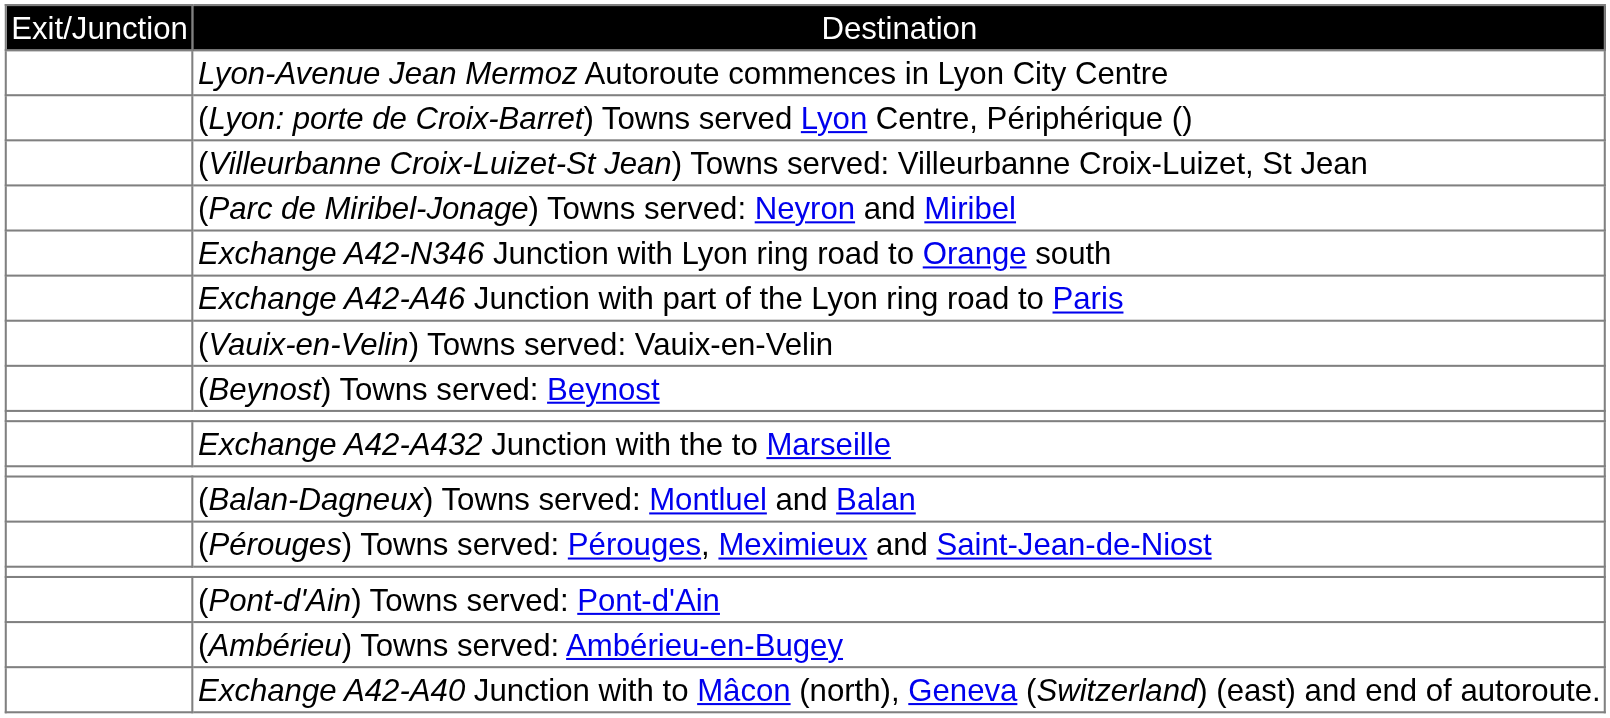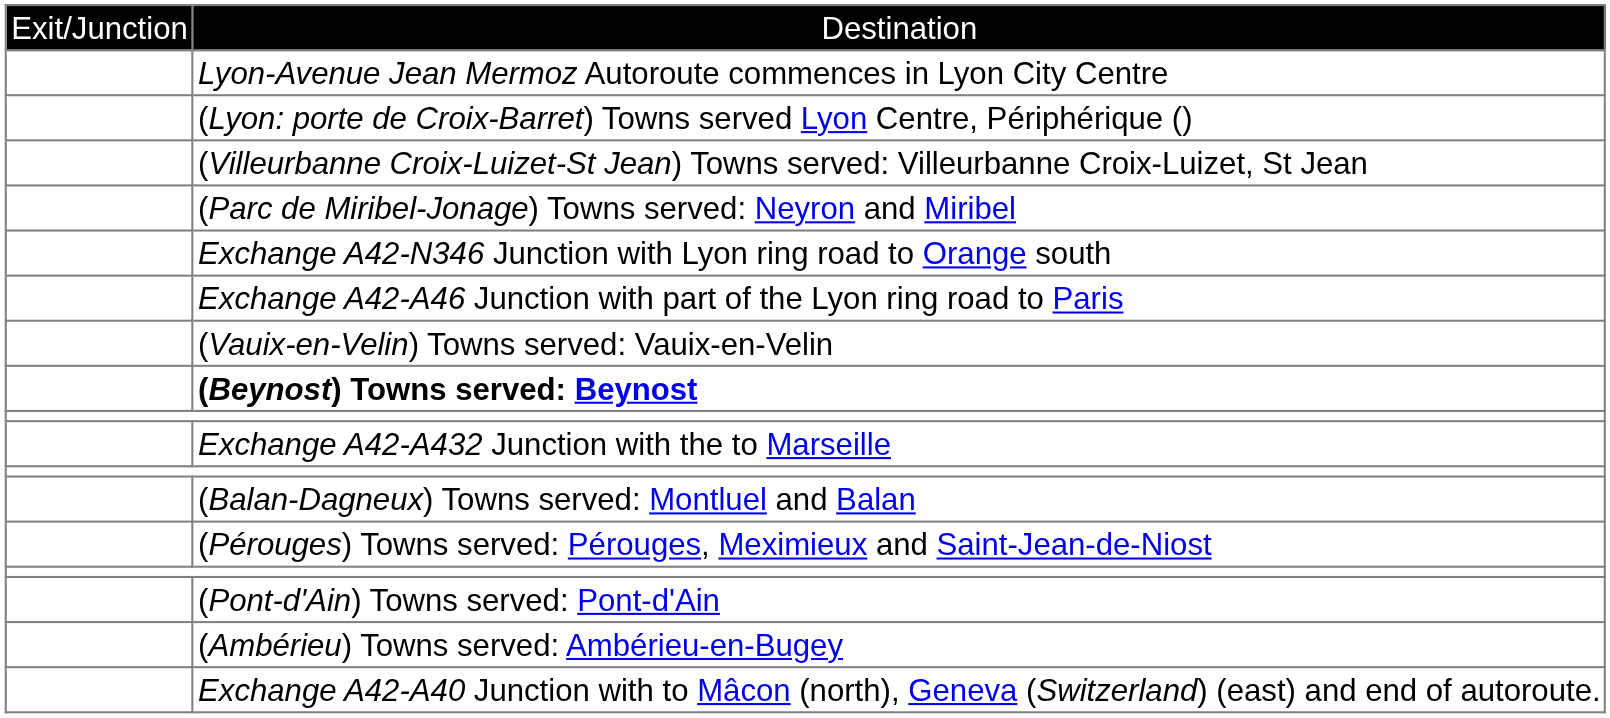 <table border=1 cellpadding=2 style="margin-left:1em; margin-bottom: 1em; color: black; border-collapse: collapse; font-size: 95%;">
 <tr align="center" bgcolor="000000" style="color: white">
 <td>Exit/Junction</td>
 <td>Destination</td>
 </tr>
 <tr>
 <td> </td>
 <td><em>Lyon-Avenue Jean Mermoz</em> Autoroute commences in Lyon City Centre</td>
 </tr>
 <tr>
 <td></td>
 <td>(<em>Lyon: porte de Croix-Barret</em>) Towns served <a href='#'>Lyon</a> Centre, Périphérique (<em></em>)</td>
 </tr>
 <tr>
 <td></td>
 <td>(<em>Villeurbanne Croix-Luizet-St Jean</em>) Towns served: Villeurbanne Croix-Luizet, St Jean</td>
 </tr>
 <tr>
 <td></td>
 <td>(<em>Parc de Miribel-Jonage</em>) Towns served: <a href='#'>Neyron</a> and <a href='#'>Miribel</a></td>
 </tr>
 <tr>
 <td></td>
 <td><em>Exchange A42-N346</em> Junction with <em></em> Lyon ring road to <a href='#'>Orange</a> south</td>
 </tr>
 <tr>
 <td></td>
 <td><em>Exchange A42-A46</em> Junction with <em></em> part of the Lyon ring road to <a href='#'>Paris</a></td>
 </tr>
 <tr>
 <td></td>
 <td>(<em>Vauix-en-Velin</em>) Towns served: Vauix-en-Velin</td>
 </tr>
 <tr>
 <td></td>
-<td>(<em>Beynost</em>) Towns served: <a href='#'>Beynost</a></td>
+<td><strong>(<em>Beynost</em>) Towns served: <a href='#'>Beynost</a></strong></td>
 </tr>
 <tr>
 <td colspan="2"></td>
 </tr>
 <tr>
 <td></td>
 <td><em>Exchange A42-A432</em> Junction with the <em></em> to <a href='#'>Marseille</a></td>
 </tr>
 <tr>
 <td colspan="2"></td>
 </tr>
 <tr>
 <td></td>
 <td>(<em>Balan-Dagneux</em>) Towns served: <a href='#'>Montluel</a> and <a href='#'>Balan</a></td>
 </tr>
 <tr>
 <td></td>
 <td>(<em>Pérouges</em>) Towns served: <a href='#'>Pérouges</a>, <a href='#'>Meximieux</a> and <a href='#'>Saint-Jean-de-Niost</a></td>
 </tr>
 <tr>
 <td colspan="2"></td>
 </tr>
 <tr>
 <td></td>
 <td>(<em>Pont-d'Ain</em>) Towns served: <a href='#'>Pont-d'Ain</a></td>
 </tr>
 <tr>
 <td></td>
 <td>(<em>Ambérieu</em>) Towns served: <a href='#'>Ambérieu-en-Bugey</a></td>
 </tr>
 <tr>
 <td></td>
 <td><em>Exchange A42-A40</em> Junction with <em></em> to <a href='#'>Mâcon</a> (north), <a href='#'>Geneva</a> (<em>Switzerland</em>) (east) and end of autoroute.</td>
 </tr>
 </table>
